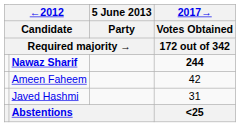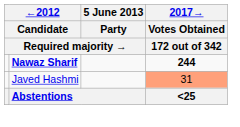 <table class="wikitable">
 <tr>
 <th colspan=2><a href='#'>←2012</a></th>
 <th>5 June 2013</th>
 <th><a href='#'>2017→</a></th>
 </tr>
 <tr>
 <th colspan=2>Candidate</th>
 <th>Party</th>
 <th>Votes Obtained</th>
 </tr>
 <tr>
 <th colspan=3>Required majority →</th>
 <th>172 out of 342</th>
 </tr>
 <tr>
 <td></td>
 <td><strong><a href='#'>Nawaz Sharif</a></strong></td>
 <td></td>
 <td style="text-align:center;"><strong>244</strong> </td>
 </tr>
 <tr>
 <td></td>
-<td><a href='#'>Ameen Faheem</a></td>
-<td></td>
-<td style="text-align:center;">42 </td>
-</tr>
-<tr>
-<td></td>
 <td><a href='#'>Javed Hashmi</a></td>
 <td></td>
-<td style="text-align:center;">31 </td>
+<td style="background: lightsalmon; text-align:center;">31 </td>
 </tr>
 <tr class=sortbottom style="background:#f2f2f2; font-weight:bold">
 <td></td>
 <td colspan=2><a href='#'>Abstentions</a></td>
 <td style="text-align:center;"><25</td>
 </tr>
 </table>
